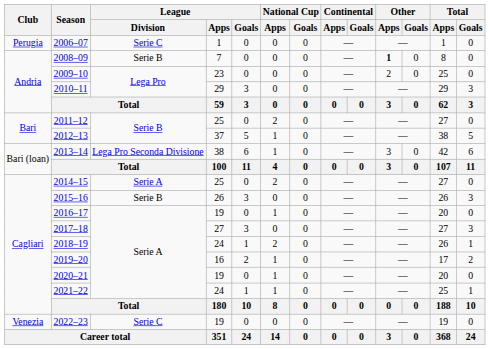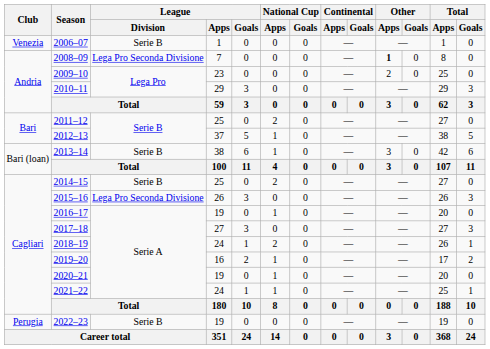 <table class="wikitable" style="text-align: center;">
 <tr>
 <th rowspan="2">Club</th>
 <th rowspan="2">Season</th>
 <th colspan="3">League</th>
 <th colspan="2">National Cup</th>
 <th colspan="2">Continental</th>
 <th colspan="2">Other</th>
 <th colspan="2">Total</th>
 </tr>
 <tr>
 <th>Division</th>
 <th>Apps</th>
 <th>Goals</th>
 <th>Apps</th>
 <th>Goals</th>
 <th>Apps</th>
 <th>Goals</th>
 <th>Apps</th>
 <th>Goals</th>
 <th>Apps</th>
 <th>Goals</th>
 </tr>
 <tr>
-<td><a href='#'>Perugia</a></td>
+<td><a href='#'>Venezia</a></td>
 <td><a href='#'>2006–07</a></td>
-<td><a href='#'>Serie C</a></td>
+<td>Serie B</td>
 <td>1</td>
 <td>0</td>
 <td>0</td>
 <td>0</td>
 <td colspan="2“">—</td>
 <td colspan="2“">—</td>
 <td>1</td>
 <td>0</td>
 </tr>
 <tr>
 <td rowspan="4"><a href='#'>Andria</a></td>
 <td><a href='#'>2008–09</a></td>
-<td>Serie B</td>
+<td><a href='#'>Lega Pro Seconda Divisione</a></td>
 <td>7</td>
 <td>0</td>
 <td>0</td>
 <td>0</td>
 <td colspan="2“">—</td>
 <td><strong>1</strong></td>
 <td>0</td>
 <td>8</td>
 <td>0</td>
 </tr>
 <tr>
 <td><a href='#'>2009–10</a></td>
 <td rowspan="2"><a href='#'>Lega Pro</a></td>
 <td>23</td>
 <td>0</td>
 <td>0</td>
 <td>0</td>
 <td colspan="2“">—</td>
 <td>2</td>
 <td>0</td>
 <td>25</td>
 <td>0</td>
 </tr>
 <tr>
 <td><a href='#'>2010–11</a></td>
 <td>29</td>
 <td>3</td>
 <td>0</td>
 <td>0</td>
 <td colspan="2“">—</td>
 <td colspan="2“">—</td>
 <td>29</td>
 <td>3</td>
 </tr>
 <tr>
 <th colspan="2">Total</th>
 <th>59</th>
 <th>3</th>
 <th>0</th>
 <th>0</th>
 <th>0</th>
 <th>0</th>
 <th>3</th>
 <th>0</th>
 <th>62</th>
 <th>3</th>
 </tr>
 <tr>
 <td rowspan="2"><a href='#'>Bari</a></td>
 <td><a href='#'>2011–12</a></td>
 <td rowspan="2"><a href='#'>Serie B</a></td>
 <td>25</td>
 <td>0</td>
 <td>2</td>
 <td>0</td>
 <td colspan="2“">—</td>
 <td colspan="2“">—</td>
 <td>27</td>
 <td>0</td>
 </tr>
 <tr>
 <td><a href='#'>2012–13</a></td>
 <td>37</td>
 <td>5</td>
 <td>1</td>
 <td>0</td>
 <td colspan="2“">—</td>
 <td colspan="2“">—</td>
 <td>38</td>
 <td>5</td>
 </tr>
 <tr>
 <td rowspan="2">Bari (loan)</td>
 <td><a href='#'>2013–14</a></td>
-<td><a href='#'>Lega Pro Seconda Divisione</a></td>
+<td>Serie B</td>
 <td>38</td>
 <td>6</td>
 <td>1</td>
 <td>0</td>
 <td colspan="2“">—</td>
 <td>3</td>
 <td>0</td>
 <td>42</td>
 <td>6</td>
 </tr>
 <tr>
 <th colspan="2">Total</th>
 <th>100</th>
 <th>11</th>
 <th>4</th>
 <th>0</th>
 <th>0</th>
 <th>0</th>
 <th>3</th>
 <th>0</th>
 <th>107</th>
 <th>11</th>
 </tr>
 <tr>
 <td rowspan="9"><a href='#'>Cagliari</a></td>
 <td><a href='#'>2014–15</a></td>
-<td><a href='#'>Serie A</a></td>
+<td>Serie B</td>
 <td>25</td>
 <td>0</td>
 <td>2</td>
 <td>0</td>
 <td colspan="2“">—</td>
 <td colspan="2“">—</td>
 <td>27</td>
 <td>0</td>
 </tr>
 <tr>
 <td><a href='#'>2015–16</a></td>
-<td>Serie B</td>
+<td><a href='#'>Lega Pro Seconda Divisione</a></td>
 <td>26</td>
 <td>3</td>
 <td>0</td>
 <td>0</td>
 <td colspan="2“">—</td>
 <td colspan="2“">—</td>
 <td>26</td>
 <td>3</td>
 </tr>
 <tr>
 <td><a href='#'>2016–17</a></td>
 <td rowspan="6">Serie A</td>
 <td>19</td>
 <td>0</td>
 <td>1</td>
 <td>0</td>
 <td colspan="2“">—</td>
 <td colspan="2“">—</td>
 <td>20</td>
 <td>0</td>
 </tr>
 <tr>
 <td><a href='#'>2017–18</a></td>
 <td>27</td>
 <td>3</td>
 <td>0</td>
 <td>0</td>
 <td colspan="2“">—</td>
 <td colspan="2“">—</td>
 <td>27</td>
 <td>3</td>
 </tr>
 <tr>
 <td><a href='#'>2018–19</a></td>
 <td>24</td>
 <td>1</td>
 <td>2</td>
 <td>0</td>
 <td colspan="2“">—</td>
 <td colspan="2“">—</td>
 <td>26</td>
 <td>1</td>
 </tr>
 <tr>
 <td><a href='#'>2019–20</a></td>
 <td>16</td>
 <td>2</td>
 <td>1</td>
 <td>0</td>
 <td colspan="2“">—</td>
 <td colspan="2“">—</td>
 <td>17</td>
 <td>2</td>
 </tr>
 <tr>
 <td><a href='#'>2020–21</a></td>
 <td>19</td>
 <td>0</td>
 <td>1</td>
 <td>0</td>
 <td colspan="2“">—</td>
 <td colspan="2“">—</td>
 <td>20</td>
 <td>0</td>
 </tr>
 <tr>
 <td><a href='#'>2021–22</a></td>
 <td>24</td>
 <td>1</td>
 <td>1</td>
 <td>0</td>
 <td colspan="2“">—</td>
 <td colspan="2“">—</td>
 <td>25</td>
 <td>1</td>
 </tr>
 <tr>
 <th colspan="2">Total</th>
 <th>180</th>
 <th>10</th>
 <th>8</th>
 <th>0</th>
 <th>0</th>
 <th>0</th>
 <th>0</th>
 <th>0</th>
 <th>188</th>
 <th>10</th>
 </tr>
 <tr>
-<td><a href='#'>Venezia</a></td>
+<td><a href='#'>Perugia</a></td>
 <td><a href='#'>2022–23</a></td>
-<td><a href='#'>Serie C</a></td>
+<td>Serie B</td>
 <td>19</td>
 <td>0</td>
 <td>0</td>
 <td>0</td>
 <td colspan="2“">—</td>
 <td colspan="2“">—</td>
 <td>19</td>
 <td>0</td>
 </tr>
 <tr>
 <th colspan="3">Career total</th>
 <th>351</th>
 <th>24</th>
 <th>14</th>
 <th>0</th>
 <th>0</th>
 <th>0</th>
 <th>3</th>
 <th>0</th>
 <th>368</th>
 <th>24</th>
 </tr>
 </table>
